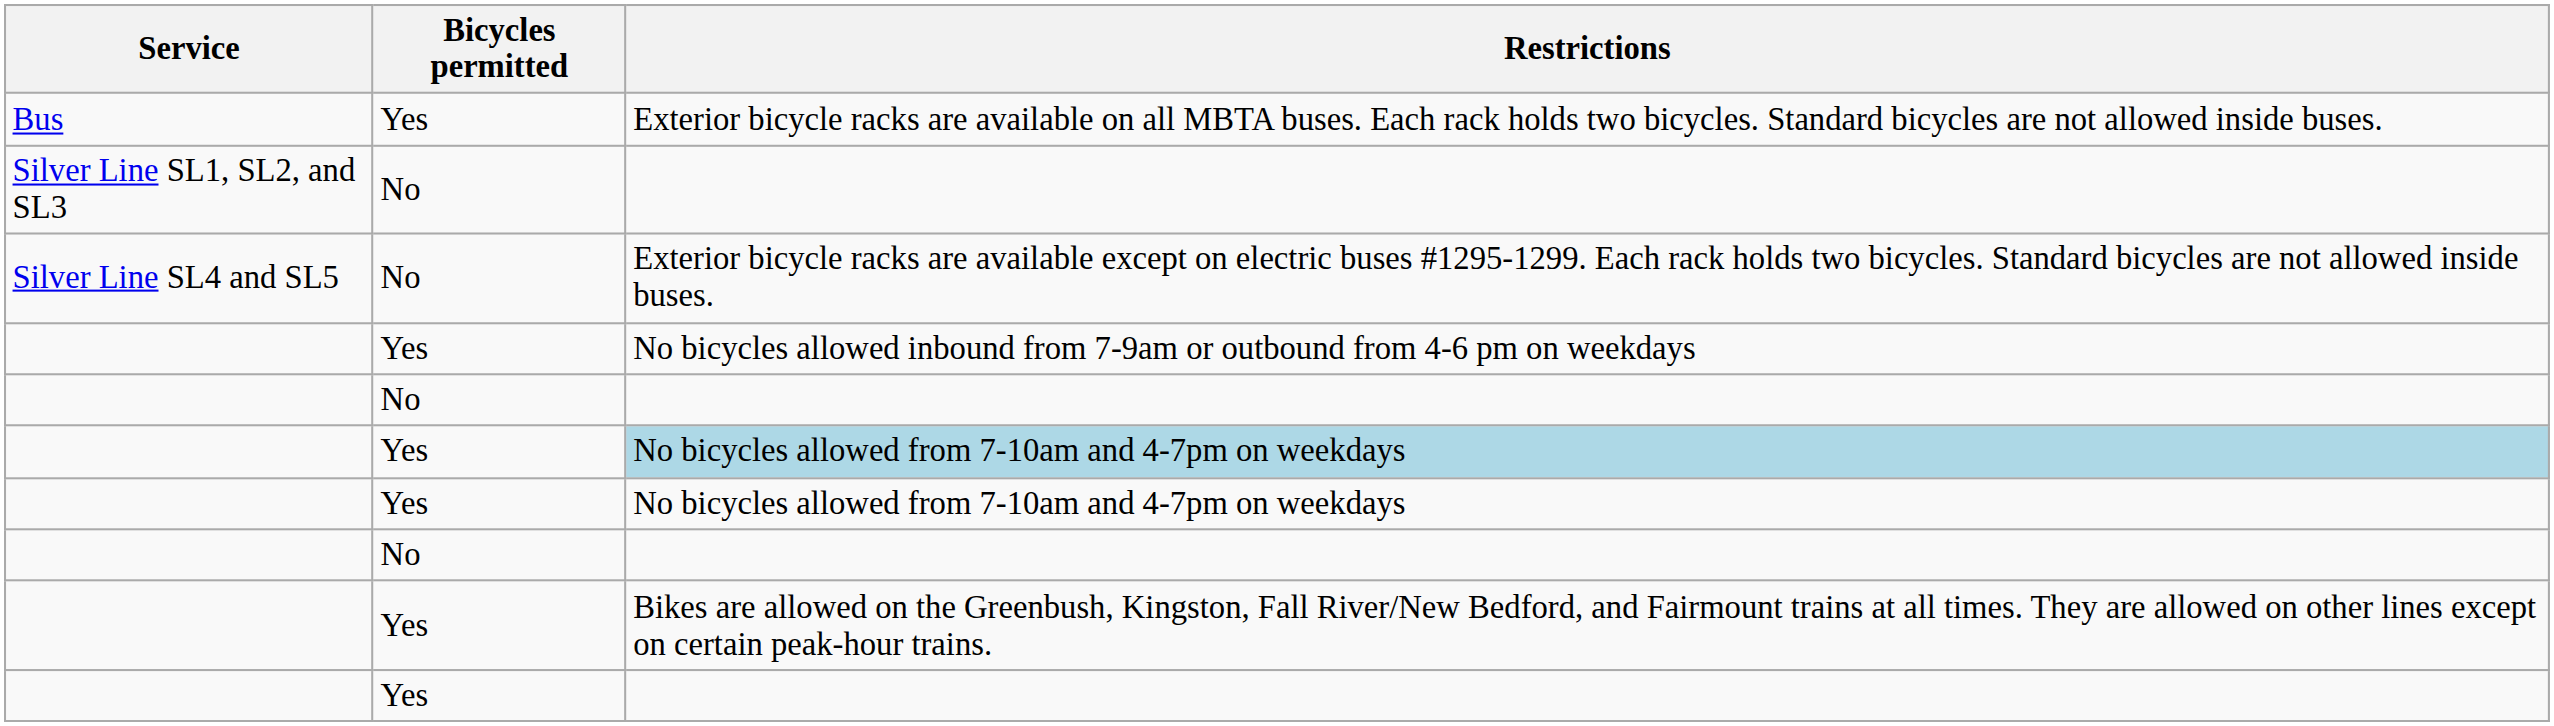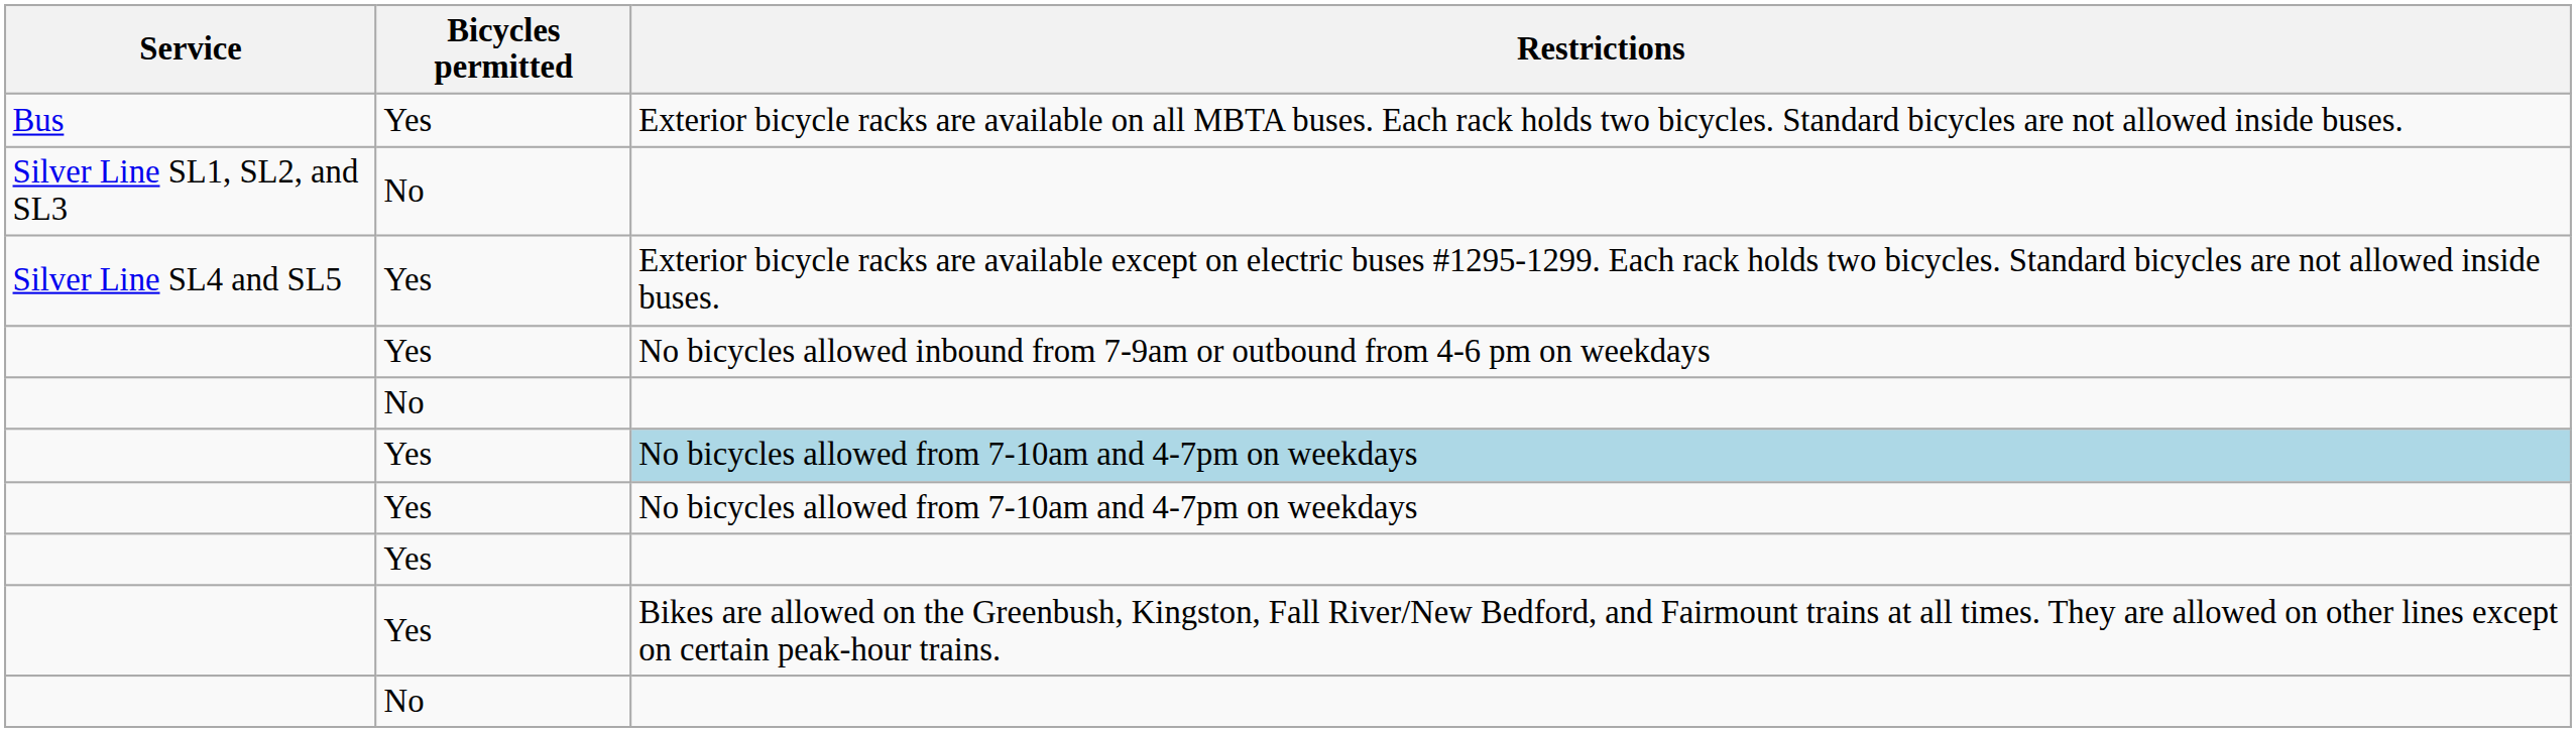 <table class="wikitable">
 <tr>
 <th>Service</th>
 <th>Bicycles permitted</th>
 <th>Restrictions</th>
 </tr>
 <tr>
 <td>  <a href='#'>Bus</a></td>
 <td>Yes</td>
 <td>Exterior bicycle racks are available on all MBTA buses. Each rack holds two bicycles. Standard bicycles are not allowed inside buses.</td>
 </tr>
 <tr>
 <td> <a href='#'>Silver Line</a> SL1, SL2, and SL3</td>
 <td>No</td>
 <td></td>
 </tr>
 <tr>
 <td> <a href='#'>Silver Line</a> SL4 and SL5</td>
-<td>No</td>
+<td>Yes</td>
 <td>Exterior bicycle racks are available except on electric buses #1295-1299. Each rack holds two bicycles. Standard bicycles are not allowed inside buses.</td>
 </tr>
 <tr>
 <td></td>
 <td>Yes</td>
 <td>No bicycles allowed inbound from 7-9am or outbound from 4-6 pm on weekdays</td>
 </tr>
 <tr>
 <td></td>
 <td>No</td>
 <td></td>
 </tr>
 <tr>
 <td></td>
 <td>Yes</td>
 <td style="background: lightblue;">No bicycles allowed from 7-10am and 4-7pm on weekdays</td>
 </tr>
 <tr>
 <td></td>
 <td>Yes</td>
 <td>No bicycles allowed from 7-10am and 4-7pm on weekdays</td>
 </tr>
 <tr>
 <td></td>
-<td>No</td>
+<td>Yes</td>
 <td></td>
 </tr>
 <tr>
 <td></td>
 <td>Yes</td>
 <td>Bikes are allowed on the Greenbush, Kingston, Fall River/New Bedford, and Fairmount trains at all times. They are allowed on other lines except on certain peak-hour trains.</td>
 </tr>
 <tr>
 <td></td>
-<td>Yes</td>
+<td>No</td>
 <td></td>
 </tr>
 <tr>
 </tr>
 </table>
